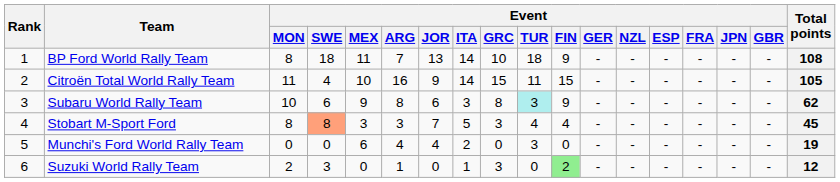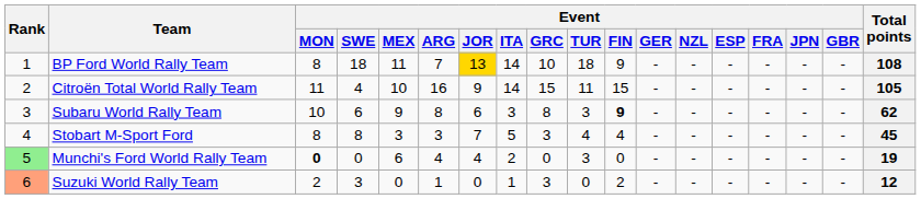 <table class="wikitable" style="text-align:center; font-size:90%;">
 <tr>
 <th rowspan=2>Rank</th>
 <th rowspan=2 style="width:16em">Team</th>
 <th colspan=15>Event</th>
 <th rowspan=2>Total<br>points</th>
 </tr>
 <tr valign="top">
 <th><a href='#'>MON</a><br></th>
 <th><a href='#'>SWE</a><br></th>
 <th><a href='#'>MEX</a><br></th>
 <th><a href='#'>ARG</a><br></th>
 <th><a href='#'>JOR</a><br></th>
 <th><a href='#'>ITA</a><br></th>
 <th><a href='#'>GRC</a><br></th>
 <th><a href='#'>TUR</a><br></th>
 <th><a href='#'>FIN</a><br></th>
 <th><a href='#'>GER</a><br></th>
 <th><a href='#'>NZL</a><br></th>
 <th><a href='#'>ESP</a><br></th>
 <th><a href='#'>FRA</a><br></th>
 <th><a href='#'>JPN</a><br></th>
 <th><a href='#'>GBR</a><br></th>
 </tr>
 <tr>
 <td>1</td>
 <td align="left"> <a href='#'>BP Ford World Rally Team</a></td>
 <td>8</td>
 <td>18</td>
 <td>11</td>
 <td>7</td>
-<td>13</td>
+<td style="background: gold;">13</td>
 <td>14</td>
 <td>10</td>
 <td>18</td>
 <td>9</td>
 <td>-</td>
 <td>-</td>
 <td>-</td>
 <td>-</td>
 <td>-</td>
 <td>-</td>
 <th>108</th>
 </tr>
 <tr>
 <td>2</td>
 <td align="left"> <a href='#'>Citroën Total World Rally Team</a></td>
 <td>11</td>
 <td>4</td>
 <td>10</td>
 <td>16</td>
 <td>9</td>
 <td>14</td>
 <td>15</td>
 <td>11</td>
 <td>15</td>
 <td>-</td>
 <td>-</td>
 <td>-</td>
 <td>-</td>
 <td>-</td>
 <td>-</td>
 <th>105</th>
 </tr>
 <tr>
 <td>3</td>
 <td align="left"> <a href='#'>Subaru World Rally Team</a></td>
 <td>10</td>
 <td>6</td>
 <td>9</td>
 <td>8</td>
 <td>6</td>
 <td>3</td>
 <td>8</td>
-<td style="background: paleturquoise;">3</td>
-<td>9</td>
+<td>3</td>
+<td><strong>9</strong></td>
 <td>-</td>
 <td>-</td>
 <td>-</td>
 <td>-</td>
 <td>-</td>
 <td>-</td>
 <th>62</th>
 </tr>
 <tr>
 <td>4</td>
 <td align="left"> <a href='#'>Stobart M-Sport Ford</a></td>
 <td>8</td>
-<td style="background: lightsalmon;">8</td>
+<td>8</td>
 <td>3</td>
 <td>3</td>
 <td>7</td>
 <td>5</td>
 <td>3</td>
 <td>4</td>
 <td>4</td>
 <td>-</td>
 <td>-</td>
 <td>-</td>
 <td>-</td>
 <td>-</td>
 <td>-</td>
 <th>45</th>
 </tr>
 <tr>
-<td>5</td>
+<td style="background: lightgreen;">5</td>
 <td align="left"> <a href='#'>Munchi's Ford World Rally Team</a></td>
-<td>0</td>
+<td><strong>0</strong></td>
 <td>0</td>
 <td>6</td>
 <td>4</td>
 <td>4</td>
 <td>2</td>
 <td>0</td>
 <td>3</td>
 <td>0</td>
 <td>-</td>
 <td>-</td>
 <td>-</td>
 <td>-</td>
 <td>-</td>
 <td>-</td>
 <th>19</th>
 </tr>
 <tr>
-<td>6</td>
+<td style="background: lightsalmon;">6</td>
 <td align="left"> <a href='#'>Suzuki World Rally Team</a></td>
 <td>2</td>
 <td>3</td>
 <td>0</td>
 <td>1</td>
 <td>0</td>
 <td>1</td>
 <td>3</td>
 <td>0</td>
-<td style="background: lightgreen;">2</td>
+<td>2</td>
 <td>-</td>
 <td>-</td>
 <td>-</td>
 <td>-</td>
 <td>-</td>
 <td>-</td>
 <th>12</th>
 </tr>
 </table>
